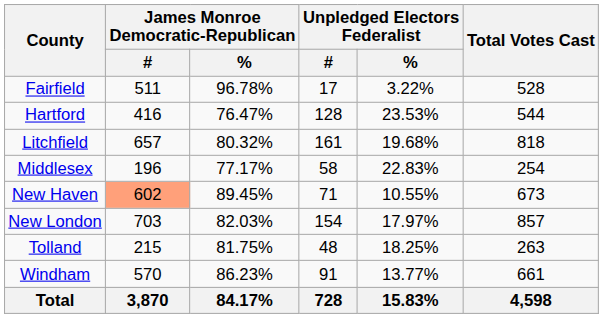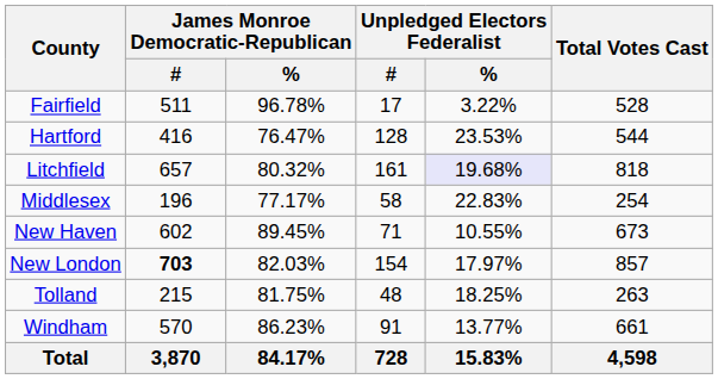 <table class="wikitable sortable">
 <tr>
 <th rowspan="2">County</th>
 <th colspan="2">James Monroe<br>Democratic-Republican</th>
 <th colspan="2">Unpledged Electors<br>Federalist</th>
 <th rowspan="2">Total Votes Cast</th>
 </tr>
 <tr>
 <th>#</th>
 <th>%</th>
 <th>#</th>
 <th>%</th>
 </tr>
 <tr style="text-align:center;">
 <td><a href='#'>Fairfield</a></td>
 <td>511</td>
 <td>96.78%</td>
 <td>17</td>
 <td>3.22%</td>
 <td>528</td>
 </tr>
 <tr style="text-align:center;">
 <td><a href='#'>Hartford</a></td>
 <td>416</td>
 <td>76.47%</td>
 <td>128</td>
 <td>23.53%</td>
 <td>544</td>
 </tr>
 <tr style="text-align:center;">
 <td><a href='#'>Litchfield</a></td>
 <td>657</td>
 <td>80.32%</td>
 <td>161</td>
-<td>19.68%</td>
+<td style="background: lavender;">19.68%</td>
 <td>818</td>
 </tr>
 <tr style="text-align:center;">
 <td><a href='#'>Middlesex</a></td>
 <td>196</td>
 <td>77.17%</td>
 <td>58</td>
 <td>22.83%</td>
 <td>254</td>
 </tr>
 <tr style="text-align:center;">
 <td><a href='#'>New Haven</a></td>
-<td style="background: lightsalmon;">602</td>
+<td>602</td>
 <td>89.45%</td>
 <td>71</td>
 <td>10.55%</td>
 <td>673</td>
 </tr>
 <tr style="text-align:center;">
 <td><a href='#'>New London</a></td>
-<td>703</td>
+<td><strong>703</strong></td>
 <td>82.03%</td>
 <td>154</td>
 <td>17.97%</td>
 <td>857</td>
 </tr>
 <tr style="text-align:center;">
 <td><a href='#'>Tolland</a></td>
 <td>215</td>
 <td>81.75%</td>
 <td>48</td>
 <td>18.25%</td>
 <td>263</td>
 </tr>
 <tr style="text-align:center;">
 <td><a href='#'>Windham</a></td>
 <td>570</td>
 <td>86.23%</td>
 <td>91</td>
 <td>13.77%</td>
 <td>661</td>
 </tr>
 <tr style="text-align:center;">
 <th>Total</th>
 <th>3,870</th>
 <th>84.17%</th>
 <th>728</th>
 <th>15.83%</th>
 <th>4,598</th>
 </tr>
 </table>
